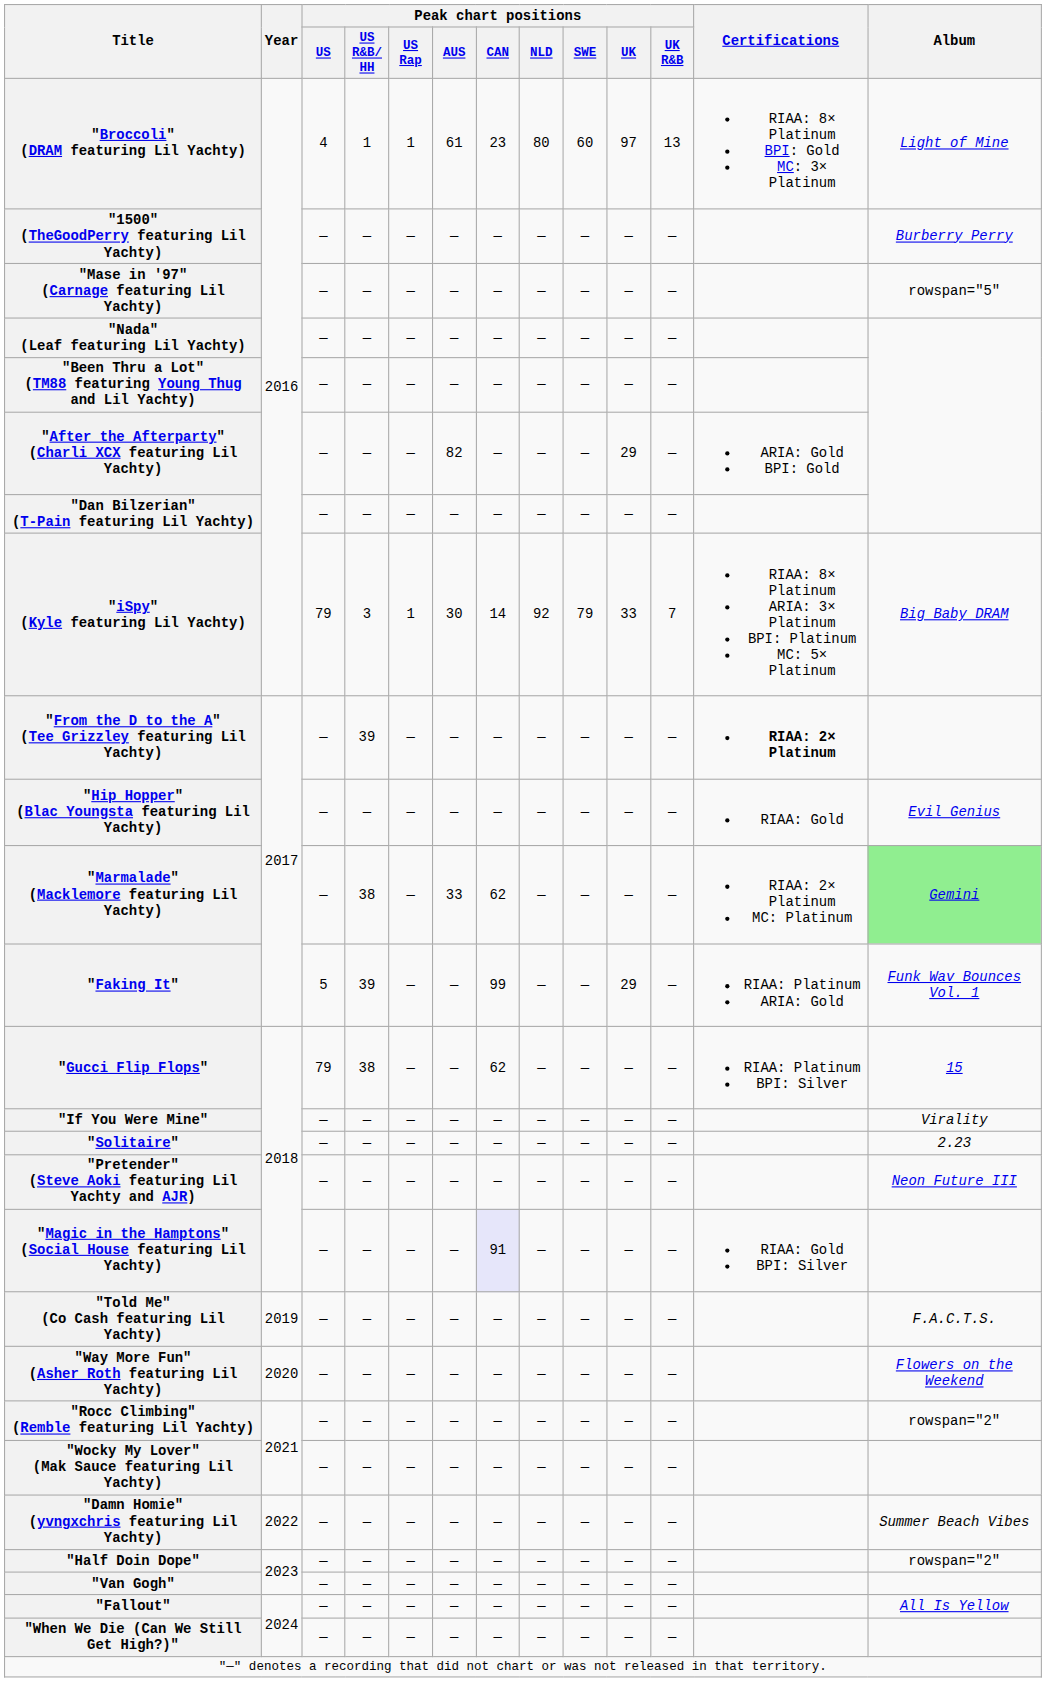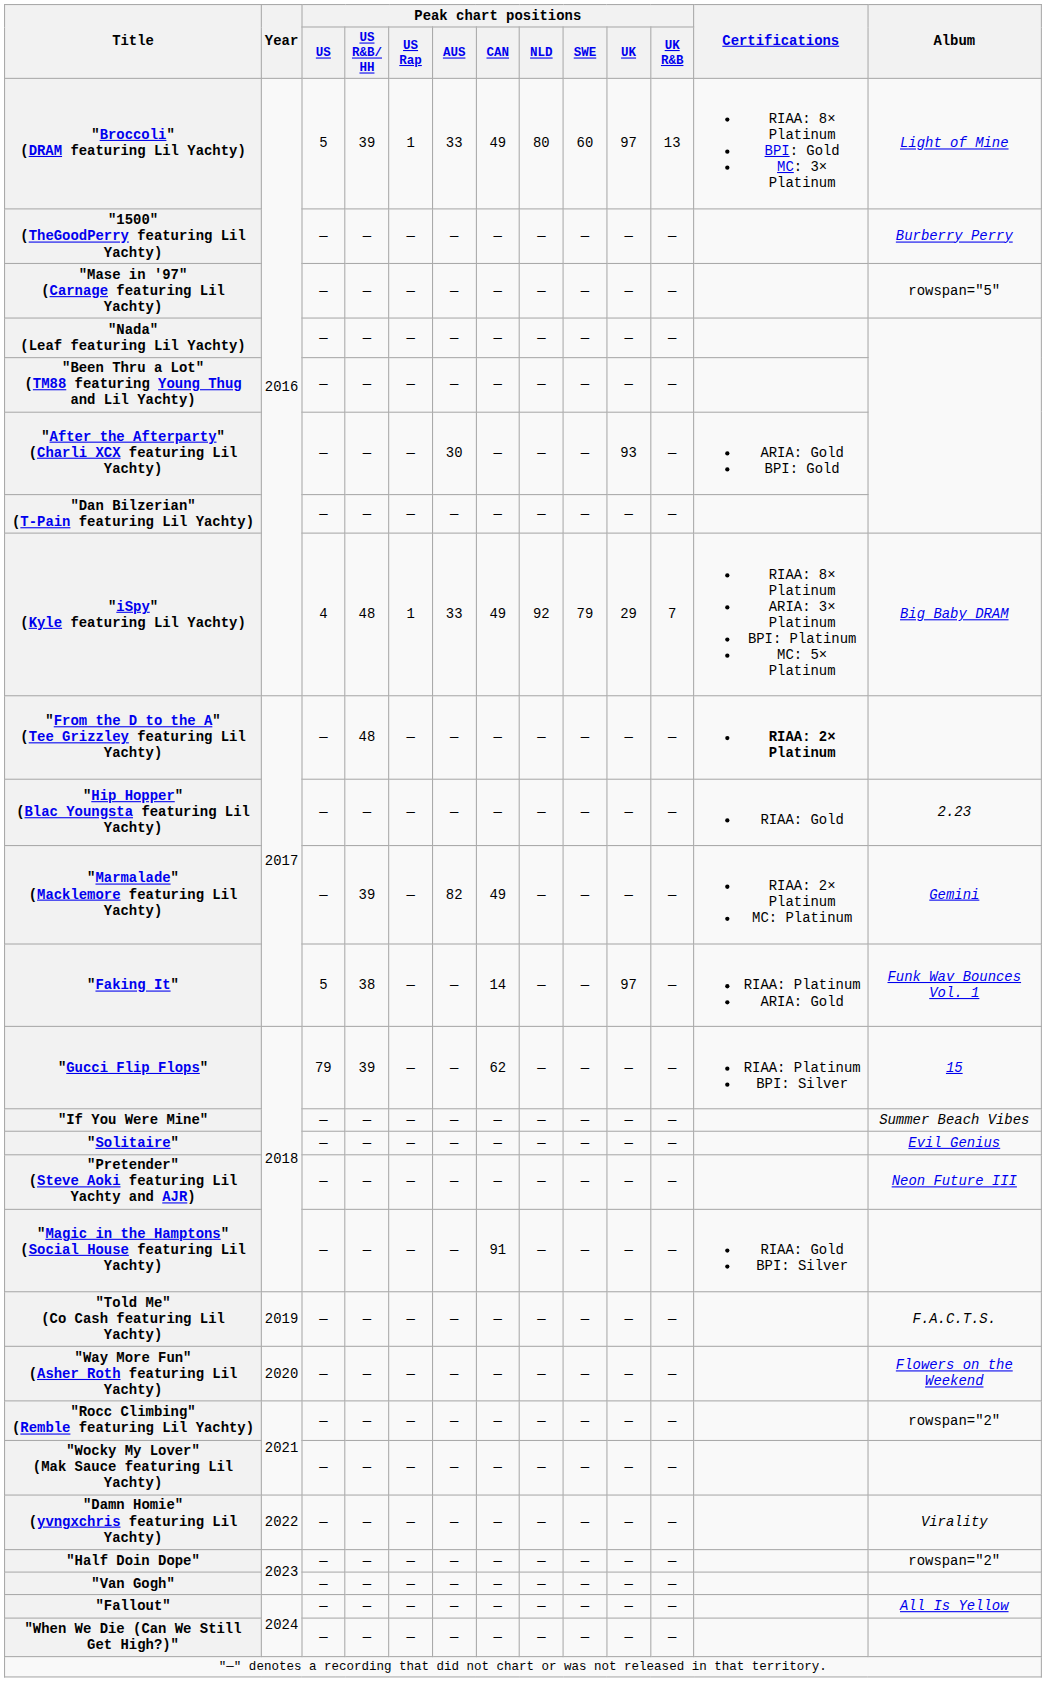 <table class="wikitable plainrowheaders" style="text-align:center;">
 <tr>
 <th scope="col" rowspan="2" style="width:18em;">Title</th>
 <th scope="col" rowspan="2" style="width:1em;">Year</th>
 <th scope="col" colspan="9">Peak chart positions</th>
 <th scope="col" rowspan="2" style="width:12em;"><a href='#'>Certifications</a></th>
 <th scope="col" rowspan="2" style="width:12em;">Album</th>
 </tr>
 <tr>
 <th scope="col" style="width:3em;font-size:90%;"><a href='#'>US</a><br></th>
 <th scope="col" style="width:3em;font-size:90%;"><a href='#'>US<br>R&B/<br>HH</a><br></th>
 <th scope="col" style="width:3em;font-size:90%;"><a href='#'>US Rap</a><br></th>
 <th scope="col" style="width:3em;font-size:90%;"><a href='#'>AUS</a><br></th>
 <th scope="col" style="width:3em;font-size:90%;"><a href='#'>CAN</a><br></th>
 <th scope="col" style="width:3em;font-size:90%;"><a href='#'>NLD</a><br></th>
 <th scope="col" style="width:3em;font-size:90%;"><a href='#'>SWE</a><br></th>
 <th scope="col" style="width:3em;font-size:90%;"><a href='#'>UK</a><br></th>
 <th scope="col" style="width:3em;font-size:90%;"><a href='#'>UK<br>R&B</a><br></th>
 </tr>
 <tr>
 <th scope="row">"<a href='#'>Broccoli</a>"<br><span>(<a href='#'>DRAM</a> featuring Lil Yachty)</span></th>
 <td rowspan="8">2016</td>
-<td>4</td>
+<td>5</td>
+<td>39</td>
 <td>1</td>
-<td>1</td>
-<td>61</td>
-<td>23</td>
+<td>33</td>
+<td>49</td>
 <td>80</td>
 <td>60</td>
 <td>97</td>
 <td>13</td>
 <td><br><ul><li>RIAA: 8× Platinum</li><li><a href='#'>BPI</a>: Gold</li><li><a href='#'>MC</a>: 3× Platinum</li></ul></td>
 <td><em><a href='#'>Light of Mine</a></em></td>
 </tr>
 <tr>
 <th scope="row">"1500"<br><span>(<a href='#'>TheGoodPerry</a> featuring Lil Yachty)</span></th>
 <td>—</td>
 <td>—</td>
 <td>—</td>
 <td>—</td>
 <td>—</td>
 <td>—</td>
 <td>—</td>
 <td>—</td>
 <td>—</td>
 <td></td>
 <td><em><a href='#'>Burberry Perry</a></em></td>
 </tr>
 <tr>
 <th scope="row">"Mase in '97"<br><span>(<a href='#'>Carnage</a> featuring Lil Yachty)</span></th>
 <td>—</td>
 <td>—</td>
 <td>—</td>
 <td>—</td>
 <td>—</td>
 <td>—</td>
 <td>—</td>
 <td>—</td>
 <td>—</td>
 <td></td>
 <td>rowspan="5" </td>
 </tr>
 <tr>
 <th scope="row">"Nada"<br><span>(Leaf featuring Lil Yachty)</span></th>
 <td>—</td>
 <td>—</td>
 <td>—</td>
 <td>—</td>
 <td>—</td>
 <td>—</td>
 <td>—</td>
 <td>—</td>
 <td>—</td>
 <td></td>
 </tr>
 <tr>
 <th scope="row">"Been Thru a Lot"<br><span>(<a href='#'>TM88</a> featuring <a href='#'>Young Thug</a> and Lil Yachty)</span></th>
 <td>—</td>
 <td>—</td>
 <td>—</td>
 <td>—</td>
 <td>—</td>
 <td>—</td>
 <td>—</td>
 <td>—</td>
 <td>—</td>
 <td></td>
 </tr>
 <tr>
 <th scope="row">"<a href='#'>After the Afterparty</a>"<br><span>(<a href='#'>Charli XCX</a> featuring Lil Yachty)</span></th>
 <td>—</td>
 <td>—</td>
 <td>—</td>
-<td>82</td>
+<td>30</td>
 <td>—</td>
 <td>—</td>
 <td>—</td>
-<td>29</td>
+<td>93</td>
 <td>—</td>
 <td><br><ul><li>ARIA: Gold</li><li>BPI: Gold</li></ul></td>
 </tr>
 <tr>
 <th scope="row">"Dan Bilzerian"<br><span>(<a href='#'>T-Pain</a> featuring Lil Yachty)</span></th>
 <td>—</td>
 <td>—</td>
 <td>—</td>
 <td>—</td>
 <td>—</td>
 <td>—</td>
 <td>—</td>
 <td>—</td>
 <td>—</td>
 <td></td>
 </tr>
 <tr>
 <th scope="row">"<a href='#'>iSpy</a>"<br><span>(<a href='#'>Kyle</a> featuring Lil Yachty)</span></th>
-<td>79</td>
-<td>3</td>
+<td>4</td>
+<td>48</td>
 <td>1</td>
-<td>30</td>
-<td>14</td>
+<td>33</td>
+<td>49</td>
 <td>92</td>
 <td>79</td>
-<td>33</td>
+<td>29</td>
 <td>7</td>
 <td><br><ul><li>RIAA: 8× Platinum</li><li>ARIA: 3× Platinum</li><li>BPI: Platinum</li><li>MC: 5× Platinum</li></ul></td>
 <td><em><a href='#'>Big Baby DRAM</a></em></td>
 </tr>
 <tr>
 <th scope="row">"<a href='#'>From the D to the A</a>"<br><span>(<a href='#'>Tee Grizzley</a> featuring Lil Yachty)</span></th>
 <td rowspan="4">2017</td>
 <td>—</td>
-<td>39</td>
+<td>48</td>
 <td>—</td>
 <td>—</td>
 <td>—</td>
 <td>—</td>
 <td>—</td>
 <td>—</td>
 <td>—</td>
 <td><strong><br><ul><li>RIAA: 2× Platinum</li></ul></strong></td>
 <td></td>
 </tr>
 <tr>
 <th scope="row">"<a href='#'>Hip Hopper</a>"<br><span>(<a href='#'>Blac Youngsta</a> featuring Lil Yachty)</span></th>
 <td>—</td>
 <td>—</td>
 <td>—</td>
 <td>—</td>
 <td>—</td>
 <td>—</td>
 <td>—</td>
 <td>—</td>
 <td>—</td>
 <td><br><ul><li>RIAA: Gold</li></ul></td>
-<td><em><a href='#'>Evil Genius</a></em></td>
+<td><em>2.23</em></td>
 </tr>
 <tr>
 <th scope="row">"<a href='#'>Marmalade</a>"<br><span>(<a href='#'>Macklemore</a> featuring Lil Yachty)</span></th>
 <td>—</td>
-<td —>38</td>
+<td>39</td>
 <td>—</td>
-<td>33</td>
-<td>62</td>
+<td>82</td>
+<td>49</td>
 <td>—</td>
 <td>—</td>
 <td>—</td>
 <td>—</td>
 <td><br><ul><li>RIAA: 2× Platinum</li><li>MC: Platinum</li></ul></td>
-<td style="background: lightgreen;"><em><a href='#'>Gemini</a></em></td>
+<td><em><a href='#'>Gemini</a></em></td>
 </tr>
 <tr>
 <th scope="row">"<a href='#'>Faking It</a>"<br></th>
 <td>5</td>
-<td>39</td>
+<td —>38</td>
 <td>—</td>
 <td>—</td>
-<td>99</td>
+<td>14</td>
 <td>—</td>
 <td>—</td>
-<td>29</td>
+<td>97</td>
 <td>—</td>
 <td><br><ul><li>RIAA: Platinum</li><li>ARIA: Gold</li></ul></td>
 <td><em><a href='#'>Funk Wav Bounces Vol. 1</a></em></td>
 </tr>
 <tr>
 <th scope="row">"<a href='#'>Gucci Flip Flops</a>"<br></th>
 <td rowspan="5">2018</td>
 <td>79</td>
-<td —>38</td>
+<td>39</td>
 <td>—</td>
 <td>—</td>
 <td>62</td>
 <td>—</td>
 <td>—</td>
 <td>—</td>
 <td>—</td>
 <td><br><ul><li>RIAA: Platinum</li><li>BPI: Silver</li></ul></td>
 <td><em><a href='#'>15</a></em></td>
 </tr>
 <tr>
 <th scope="row">"If You Were Mine"<br></th>
 <td>—</td>
 <td>—</td>
 <td>—</td>
 <td>—</td>
 <td>—</td>
 <td>—</td>
 <td>—</td>
 <td>—</td>
 <td>—</td>
 <td></td>
-<td><em>Virality</em></td>
+<td><em>Summer Beach Vibes</em></td>
 </tr>
 <tr>
 <th scope="row">"<a href='#'>Solitaire</a>"<br></th>
 <td>—</td>
 <td>—</td>
 <td>—</td>
 <td>—</td>
 <td>—</td>
 <td>—</td>
 <td>—</td>
 <td>—</td>
 <td>—</td>
 <td></td>
-<td><em>2.23</em></td>
+<td><em><a href='#'>Evil Genius</a></em></td>
 </tr>
 <tr>
 <th scope="row">"Pretender" <br><span>(<a href='#'>Steve Aoki</a> featuring Lil Yachty and <a href='#'>AJR</a>)</span></th>
 <td>—</td>
 <td>—</td>
 <td>—</td>
 <td>—</td>
 <td>—</td>
 <td>—</td>
 <td>—</td>
 <td>—</td>
 <td>—</td>
 <td></td>
 <td><em><a href='#'>Neon Future III</a></em></td>
 </tr>
 <tr>
 <th scope="row">"<a href='#'>Magic in the Hamptons</a>" <br><span>(<a href='#'>Social House</a> featuring Lil Yachty)</span></th>
 <td>—</td>
 <td>—</td>
 <td>—</td>
 <td>—</td>
-<td style="background: lavender;">91</td>
+<td>91</td>
 <td>—</td>
 <td>—</td>
 <td>—</td>
 <td>—</td>
 <td><br><ul><li>RIAA: Gold</li><li>BPI: Silver</li></ul></td>
 <td></td>
 </tr>
 <tr>
 <th scope="row">"Told Me"<br><span>(Co Cash featuring Lil Yachty)</span></th>
 <td>2019</td>
 <td>—</td>
 <td>—</td>
 <td>—</td>
 <td>—</td>
 <td>—</td>
 <td>—</td>
 <td>—</td>
 <td>—</td>
 <td>—</td>
 <td></td>
 <td><em>F.A.C.T.S.</em></td>
 </tr>
 <tr>
 <th scope="row">"Way More Fun" <br><span>(<a href='#'>Asher Roth</a> featuring Lil Yachty)</span></th>
 <td>2020</td>
 <td>—</td>
 <td>—</td>
 <td>—</td>
 <td>—</td>
 <td>—</td>
 <td>—</td>
 <td>—</td>
 <td>—</td>
 <td>—</td>
 <td></td>
 <td><em><a href='#'>Flowers on the Weekend</a></em></td>
 </tr>
 <tr>
 <th scope="row">"Rocc Climbing" <br><span>(<a href='#'>Remble</a> featuring Lil Yachty)</span></th>
 <td rowspan="2">2021</td>
 <td>—</td>
 <td>—</td>
 <td>—</td>
 <td>—</td>
 <td>—</td>
 <td>—</td>
 <td>—</td>
 <td>—</td>
 <td>—</td>
 <td></td>
 <td>rowspan="2" </td>
 </tr>
 <tr>
 <th scope="row">"Wocky My Lover" <br><span>(Mak Sauce featuring Lil Yachty)</span></th>
 <td>—</td>
 <td>—</td>
 <td>—</td>
 <td>—</td>
 <td>—</td>
 <td>—</td>
 <td>—</td>
 <td>—</td>
 <td>—</td>
 <td></td>
 </tr>
 <tr>
 <th scope="row">"Damn Homie" <br><span>(<a href='#'>yvngxchris</a> featuring Lil Yachty)</span></th>
 <td>2022</td>
 <td>—</td>
 <td>—</td>
 <td>—</td>
 <td>—</td>
 <td>—</td>
 <td>—</td>
 <td>—</td>
 <td>—</td>
 <td>—</td>
 <td></td>
-<td><em>Summer Beach Vibes</em></td>
+<td><em>Virality</em></td>
 </tr>
 <tr>
 <th scope="row">"Half Doin Dope"<br></th>
 <td rowspan="2">2023</td>
 <td>—</td>
 <td>—</td>
 <td>—</td>
 <td>—</td>
 <td>—</td>
 <td>—</td>
 <td>—</td>
 <td>—</td>
 <td>—</td>
 <td></td>
 <td>rowspan="2" </td>
 </tr>
 <tr>
 <th scope="row">"Van Gogh"<br></th>
 <td>—</td>
 <td>—</td>
 <td>—</td>
 <td>—</td>
 <td>—</td>
 <td>—</td>
 <td>—</td>
 <td>—</td>
 <td>—</td>
 <td></td>
 </tr>
 <tr>
 <th scope="row">"Fallout"<br></th>
 <td rowspan="2">2024</td>
 <td>—</td>
 <td>—</td>
 <td>—</td>
 <td>—</td>
 <td>—</td>
 <td>—</td>
 <td>—</td>
 <td>—</td>
 <td>—</td>
 <td></td>
 <td><em><a href='#'>All Is Yellow</a></em></td>
 </tr>
 <tr>
 <th scope="row">"When We Die (Can We Still Get High?)"<br></th>
 <td>—</td>
 <td>—</td>
 <td>—</td>
 <td>—</td>
 <td>—</td>
 <td>—</td>
 <td>—</td>
 <td>—</td>
 <td>—</td>
 <td></td>
 <td></td>
 </tr>
 <tr>
 <td colspan="20" style="font-size:90%">"—" denotes a recording that did not chart or was not released in that territory.</td>
 </tr>
 </table>
